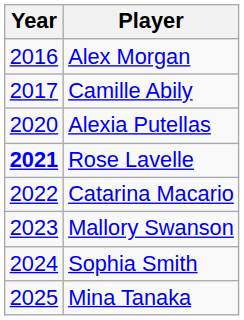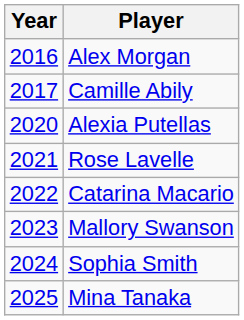 <table class="wikitable">
 <tr>
 <th>Year</th>
 <th>Player</th>
 </tr>
 <tr>
 <td align=center><a href='#'>2016</a></td>
 <td> <a href='#'>Alex Morgan</a></td>
 </tr>
 <tr>
 <td align=center><a href='#'>2017</a></td>
 <td> <a href='#'>Camille Abily</a></td>
 </tr>
 <tr>
 <td align=center><a href='#'>2020</a></td>
 <td> <a href='#'>Alexia Putellas</a></td>
 </tr>
 <tr>
-<td align=center><strong><a href='#'>2021</a></strong></td>
+<td align=center><a href='#'>2021</a></td>
 <td> <a href='#'>Rose Lavelle</a></td>
 </tr>
 <tr>
 <td align=center><a href='#'>2022</a></td>
 <td> <a href='#'>Catarina Macario</a></td>
 </tr>
 <tr>
 <td align=center><a href='#'>2023</a></td>
 <td> <a href='#'>Mallory Swanson</a></td>
 </tr>
 <tr>
 <td align=center><a href='#'>2024</a></td>
 <td> <a href='#'>Sophia Smith</a></td>
 </tr>
 <tr>
 <td align=center><a href='#'>2025</a></td>
 <td> <a href='#'>Mina Tanaka</a></td>
 </tr>
 </table>
